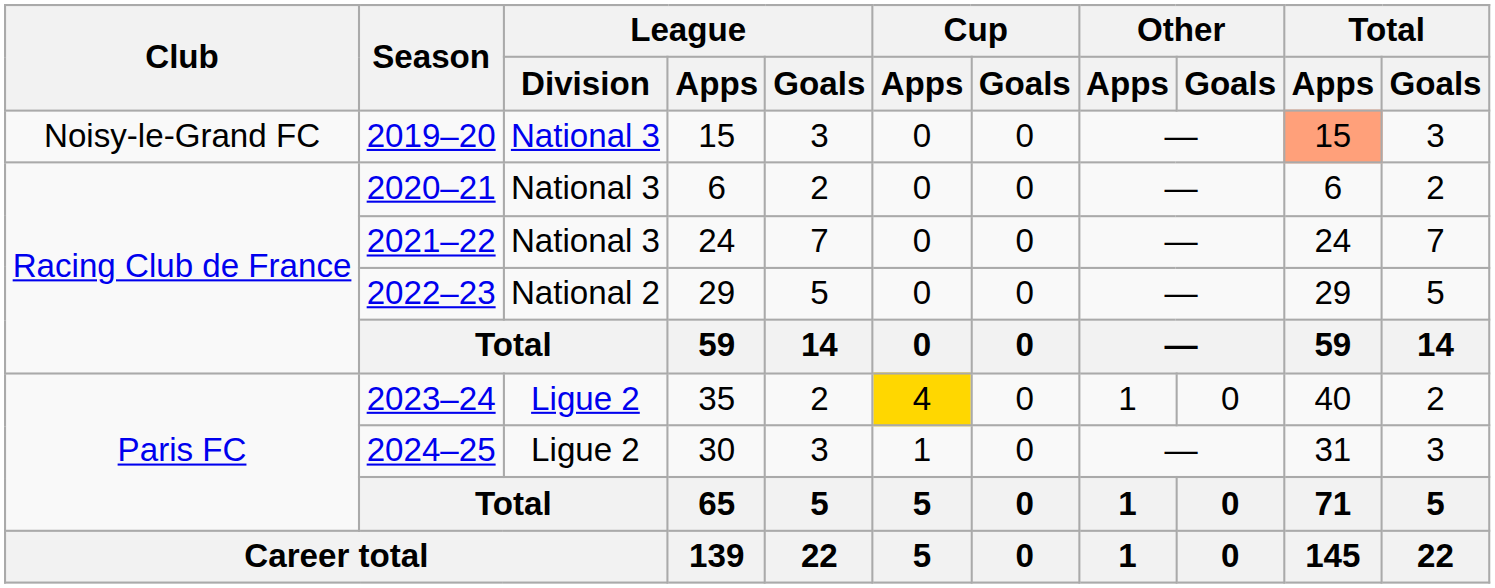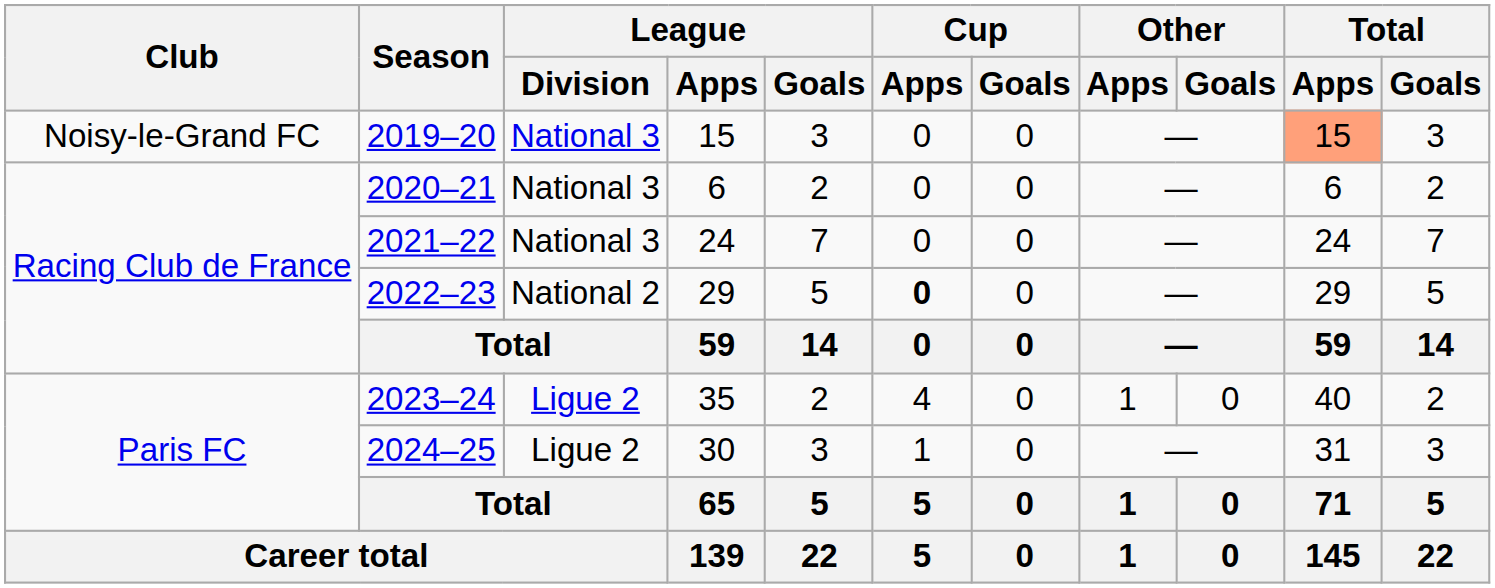 <table class="wikitable" style="text-align:center">
 <tr>
 <th rowspan="2">Club</th>
 <th rowspan="2">Season</th>
 <th colspan="3">League</th>
 <th colspan="2">Cup</th>
 <th colspan="2">Other</th>
 <th colspan="2">Total</th>
 </tr>
 <tr>
 <th>Division</th>
 <th>Apps</th>
 <th>Goals</th>
 <th>Apps</th>
 <th>Goals</th>
 <th>Apps</th>
 <th>Goals</th>
 <th>Apps</th>
 <th>Goals</th>
 </tr>
 <tr>
 <td>Noisy-le-Grand FC</td>
 <td><a href='#'>2019–20</a></td>
 <td><a href='#'>National 3</a></td>
 <td>15</td>
 <td>3</td>
 <td>0</td>
 <td>0</td>
 <td colspan="2">—</td>
 <td style="background: lightsalmon;">15</td>
 <td>3</td>
 </tr>
 <tr>
 <td rowspan="4"><a href='#'>Racing Club de France</a></td>
 <td><a href='#'>2020–21</a></td>
 <td>National 3</td>
 <td>6</td>
 <td>2</td>
 <td>0</td>
 <td>0</td>
 <td colspan="2">—</td>
 <td>6</td>
 <td>2</td>
 </tr>
 <tr>
 <td><a href='#'>2021–22</a></td>
 <td>National 3</td>
 <td>24</td>
 <td>7</td>
 <td>0</td>
 <td>0</td>
 <td colspan="2">—</td>
 <td>24</td>
 <td>7</td>
 </tr>
 <tr>
 <td><a href='#'>2022–23</a></td>
 <td>National 2</td>
 <td>29</td>
 <td>5</td>
-<td>0</td>
+<td><strong>0</strong></td>
 <td>0</td>
 <td colspan="2">—</td>
 <td>29</td>
 <td>5</td>
 </tr>
 <tr>
 <th colspan="2">Total</th>
 <th>59</th>
 <th>14</th>
 <th>0</th>
 <th>0</th>
 <th colspan="2">—</th>
 <th>59</th>
 <th>14</th>
 </tr>
 <tr>
 <td rowspan="3"><a href='#'>Paris FC</a></td>
 <td><a href='#'>2023–24</a></td>
 <td><a href='#'>Ligue 2</a></td>
 <td>35</td>
 <td>2</td>
-<td style="background: gold;">4</td>
+<td>4</td>
 <td>0</td>
 <td>1</td>
 <td>0</td>
 <td>40</td>
 <td>2</td>
 </tr>
 <tr>
 <td><a href='#'>2024–25</a></td>
 <td>Ligue 2</td>
 <td>30</td>
 <td>3</td>
 <td>1</td>
 <td>0</td>
 <td colspan="2">—</td>
 <td>31</td>
 <td>3</td>
 </tr>
 <tr>
 <th colspan="2">Total</th>
 <th>65</th>
 <th>5</th>
 <th>5</th>
 <th>0</th>
 <th>1</th>
 <th>0</th>
 <th>71</th>
 <th>5</th>
 </tr>
 <tr>
 <th colspan="3">Career total</th>
 <th>139</th>
 <th>22</th>
 <th>5</th>
 <th>0</th>
 <th>1</th>
 <th>0</th>
 <th>145</th>
 <th>22</th>
 </tr>
 </table>
